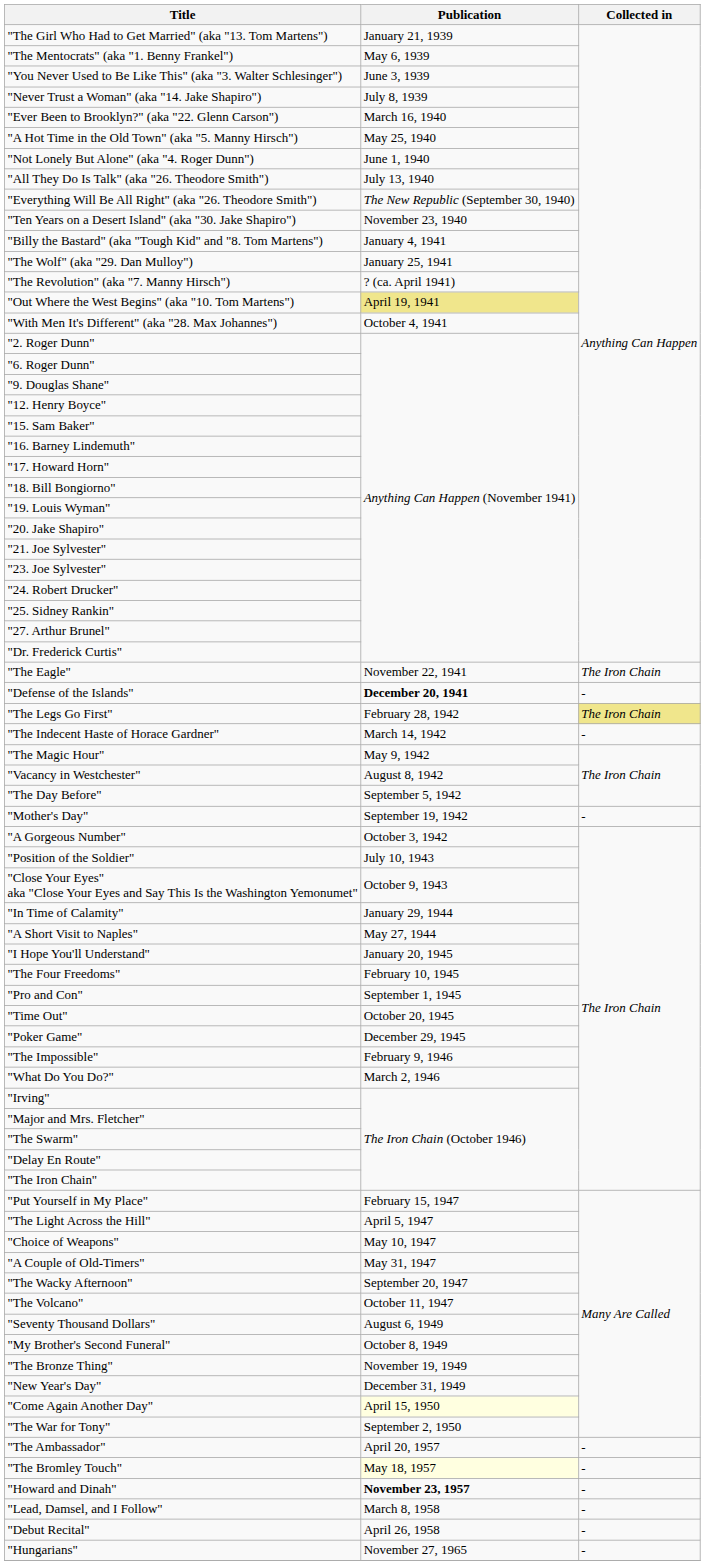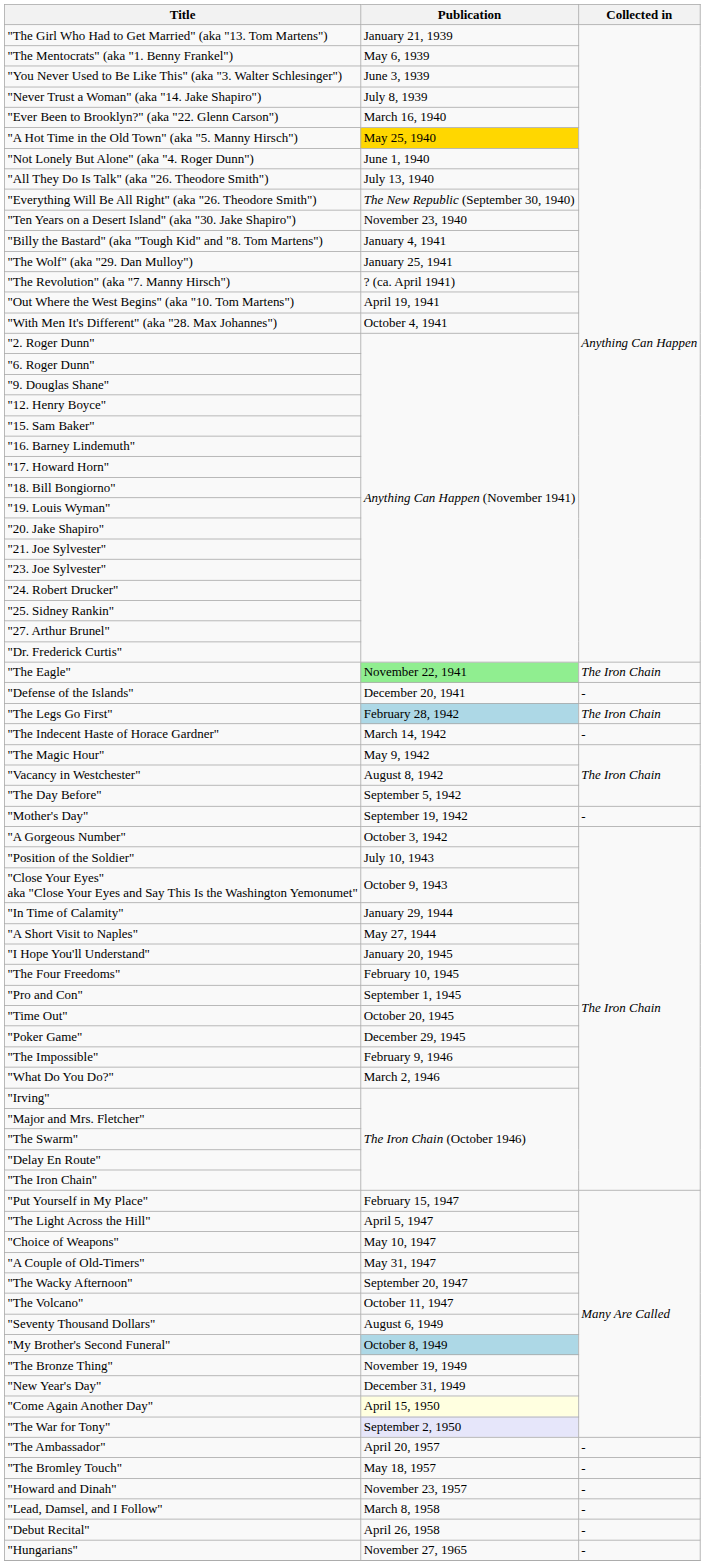 <table class="wikitable">
 <tr>
 <th>Title</th>
 <th>Publication</th>
 <th>Collected in</th>
 </tr>
 <tr>
 <td>"The Girl Who Had to Get Married" (aka "13. Tom Martens")</td>
 <td>January 21, 1939</td>
 <td rowspan=31><em>Anything Can Happen</em></td>
 </tr>
 <tr>
 <td>"The Mentocrats" (aka "1. Benny Frankel")</td>
 <td>May 6, 1939</td>
 </tr>
 <tr>
 <td>"You Never Used to Be Like This" (aka "3. Walter Schlesinger")</td>
 <td>June 3, 1939</td>
 </tr>
 <tr>
 <td>"Never Trust a Woman" (aka "14. Jake Shapiro")</td>
 <td>July 8, 1939</td>
 </tr>
 <tr>
 <td>"Ever Been to Brooklyn?" (aka "22. Glenn Carson")</td>
 <td>March 16, 1940</td>
 </tr>
 <tr>
 <td>"A Hot Time in the Old Town" (aka "5. Manny Hirsch")</td>
-<td>May 25, 1940</td>
+<td style="background: gold;">May 25, 1940</td>
 </tr>
 <tr>
 <td>"Not Lonely But Alone" (aka "4. Roger Dunn")</td>
 <td>June 1, 1940</td>
 </tr>
 <tr>
 <td>"All They Do Is Talk" (aka "26. Theodore Smith")</td>
 <td>July 13, 1940</td>
 </tr>
 <tr>
 <td>"Everything Will Be All Right" (aka "26. Theodore Smith")</td>
 <td><em>The New Republic</em> (September 30, 1940)</td>
 </tr>
 <tr>
 <td>"Ten Years on a Desert Island" (aka "30. Jake Shapiro")</td>
 <td>November 23, 1940</td>
 </tr>
 <tr>
 <td>"Billy the Bastard" (aka "Tough Kid" and "8. Tom Martens")</td>
 <td>January 4, 1941</td>
 </tr>
 <tr>
 <td>"The Wolf" (aka "29. Dan Mulloy")</td>
 <td>January 25, 1941</td>
 </tr>
 <tr>
 <td>"The Revolution" (aka "7. Manny Hirsch")</td>
 <td>? (ca. April 1941)</td>
 </tr>
 <tr>
 <td>"Out Where the West Begins" (aka "10. Tom Martens")</td>
-<td style="background: khaki;">April 19, 1941</td>
+<td>April 19, 1941</td>
 </tr>
 <tr>
 <td>"With Men It's Different" (aka "28. Max Johannes")</td>
 <td>October 4, 1941</td>
 </tr>
 <tr>
 <td>"2. Roger Dunn"</td>
 <td rowspan=16><em>Anything Can Happen</em> (November 1941)</td>
 </tr>
 <tr>
 <td>"6. Roger Dunn"</td>
 </tr>
 <tr>
 <td>"9. Douglas Shane"</td>
 </tr>
 <tr>
 <td>"12. Henry Boyce"</td>
 </tr>
 <tr>
 <td>"15. Sam Baker"</td>
 </tr>
 <tr>
 <td>"16. Barney Lindemuth"</td>
 </tr>
 <tr>
 <td>"17. Howard Horn"</td>
 </tr>
 <tr>
 <td>"18. Bill Bongiorno"</td>
 </tr>
 <tr>
 <td>"19. Louis Wyman"</td>
 </tr>
 <tr>
 <td>"20. Jake Shapiro"</td>
 </tr>
 <tr>
 <td>"21. Joe Sylvester"</td>
 </tr>
 <tr>
 <td>"23. Joe Sylvester"</td>
 </tr>
 <tr>
 <td>"24. Robert Drucker"</td>
 </tr>
 <tr>
 <td>"25. Sidney Rankin"</td>
 </tr>
 <tr>
 <td>"27. Arthur Brunel"</td>
 </tr>
 <tr>
 <td>"Dr. Frederick Curtis"</td>
 </tr>
 <tr>
 <td>"The Eagle"</td>
-<td>November 22, 1941</td>
+<td style="background: lightgreen;">November 22, 1941</td>
 <td><em>The Iron Chain</em></td>
 </tr>
 <tr>
 <td>"Defense of the Islands"</td>
-<td><strong>December 20, 1941</strong></td>
+<td>December 20, 1941</td>
 <td>-</td>
 </tr>
 <tr>
 <td>"The Legs Go First"</td>
-<td>February 28, 1942</td>
-<td style="background: khaki;"><em>The Iron Chain</em></td>
+<td style="background: lightblue;">February 28, 1942</td>
+<td><em>The Iron Chain</em></td>
 </tr>
 <tr>
 <td>"The Indecent Haste of Horace Gardner"</td>
 <td>March 14, 1942</td>
 <td>-</td>
 </tr>
 <tr>
 <td>"The Magic Hour"</td>
 <td>May 9, 1942</td>
 <td rowspan=3><em>The Iron Chain</em></td>
 </tr>
 <tr>
 <td>"Vacancy in Westchester"</td>
 <td>August 8, 1942</td>
 </tr>
 <tr>
 <td>"The Day Before"</td>
 <td>September 5, 1942</td>
 </tr>
 <tr>
 <td>"Mother's Day"</td>
 <td>September 19, 1942</td>
 <td>-</td>
 </tr>
 <tr>
 <td>"A Gorgeous Number"</td>
 <td>October 3, 1942</td>
 <td rowspan=17><em>The Iron Chain</em></td>
 </tr>
 <tr>
 <td>"Position of the Soldier"</td>
 <td>July 10, 1943</td>
 </tr>
 <tr>
 <td>"Close Your Eyes"<br>aka "Close Your Eyes and Say This Is the Washington Yemonumet"</td>
 <td>October 9, 1943</td>
 </tr>
 <tr>
 <td>"In Time of Calamity"</td>
 <td>January 29, 1944</td>
 </tr>
 <tr>
 <td>"A Short Visit to Naples"</td>
 <td>May 27, 1944</td>
 </tr>
 <tr>
 <td>"I Hope You'll Understand"</td>
 <td>January 20, 1945</td>
 </tr>
 <tr>
 <td>"The Four Freedoms"</td>
 <td>February 10, 1945</td>
 </tr>
 <tr>
 <td>"Pro and Con"</td>
 <td>September 1, 1945</td>
 </tr>
 <tr>
 <td>"Time Out"</td>
 <td>October 20, 1945</td>
 </tr>
 <tr>
 <td>"Poker Game"</td>
 <td>December 29, 1945</td>
 </tr>
 <tr>
 <td>"The Impossible"</td>
 <td>February 9, 1946</td>
 </tr>
 <tr>
 <td>"What Do You Do?"</td>
 <td>March 2, 1946</td>
 </tr>
 <tr>
 <td>"Irving"</td>
 <td rowspan=5><em>The Iron Chain</em> (October 1946)</td>
 </tr>
 <tr>
 <td>"Major and Mrs. Fletcher"</td>
 </tr>
 <tr>
 <td>"The Swarm"</td>
 </tr>
 <tr>
 <td>"Delay En Route"</td>
 </tr>
 <tr>
 <td>"The Iron Chain"</td>
 </tr>
 <tr>
 <td>"Put Yourself in My Place"</td>
 <td>February 15, 1947</td>
 <td rowspan=12><em>Many Are Called</em></td>
 </tr>
 <tr>
 <td>"The Light Across the Hill"</td>
 <td>April 5, 1947</td>
 </tr>
 <tr>
 <td>"Choice of Weapons"</td>
 <td>May 10, 1947</td>
 </tr>
 <tr>
 <td>"A Couple of Old-Timers"</td>
 <td>May 31, 1947</td>
 </tr>
 <tr>
 <td>"The Wacky Afternoon"</td>
 <td>September 20, 1947</td>
 </tr>
 <tr>
 <td>"The Volcano"</td>
 <td>October 11, 1947</td>
 </tr>
 <tr>
 <td>"Seventy Thousand Dollars"</td>
 <td>August 6, 1949</td>
 </tr>
 <tr>
 <td>"My Brother's Second Funeral"</td>
-<td>October 8, 1949</td>
+<td style="background: lightblue;">October 8, 1949</td>
 </tr>
 <tr>
 <td>"The Bronze Thing"</td>
 <td>November 19, 1949</td>
 </tr>
 <tr>
 <td>"New Year's Day"</td>
 <td>December 31, 1949</td>
 </tr>
 <tr>
 <td>"Come Again Another Day"</td>
 <td style="background: lightyellow;">April 15, 1950</td>
 </tr>
 <tr>
 <td>"The War for Tony"</td>
-<td>September 2, 1950</td>
+<td style="background: lavender;">September 2, 1950</td>
 </tr>
 <tr>
 <td>"The Ambassador"</td>
 <td>April 20, 1957</td>
 <td>-</td>
 </tr>
 <tr>
 <td>"The Bromley Touch"</td>
-<td style="background: lightyellow;">May 18, 1957</td>
+<td>May 18, 1957</td>
 <td>-</td>
 </tr>
 <tr>
 <td>"Howard and Dinah"</td>
-<td><strong>November 23, 1957</strong></td>
+<td>November 23, 1957</td>
 <td>-</td>
 </tr>
 <tr>
 <td>"Lead, Damsel, and I Follow"</td>
 <td>March 8, 1958</td>
 <td>-</td>
 </tr>
 <tr>
 <td>"Debut Recital"</td>
 <td>April 26, 1958</td>
 <td>-</td>
 </tr>
 <tr>
 <td>"Hungarians"</td>
 <td>November 27, 1965</td>
 <td>-</td>
 </tr>
 <tr>
 </tr>
 </table>
